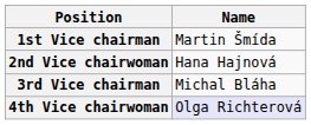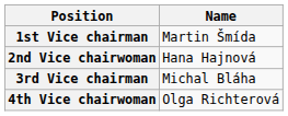 <table class="wikitable">
 <tr>
 <th>Position</th>
 <th>Name</th>
 </tr>
 <tr>
 <th>1st Vice chairman</th>
 <td>Martin Šmída</td>
 </tr>
 <tr>
 <th>2nd Vice chairwoman</th>
 <td>Hana Hajnová</td>
 </tr>
 <tr>
 <th>3rd Vice chairman</th>
 <td>Michal Bláha</td>
 </tr>
 <tr>
 <th>4th Vice chairwoman</th>
-<td style="background: lavender;">Olga Richterová</td>
+<td>Olga Richterová</td>
 </tr>
 </table>
